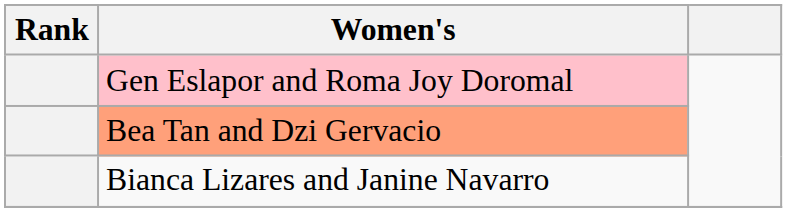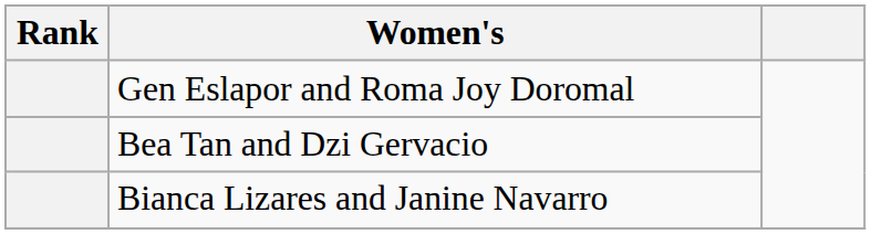 <table class="wikitable" style="text-align: center;">
 <tr>
 <th width=40>Rank</th>
 <th width=290>Women's</th>
 <th width=40></th>
 </tr>
 <tr>
 <th></th>
-<td style="background: pink; text-align:left;">Gen Eslapor and Roma Joy Doromal </td>
+<td style="text-align:left;">Gen Eslapor and Roma Joy Doromal </td>
 <td rowspan=3></td>
 </tr>
 <tr>
 <th></th>
-<td style="background: lightsalmon; text-align:left;">Bea Tan and Dzi Gervacio </td>
+<td style="text-align:left;">Bea Tan and Dzi Gervacio </td>
 </tr>
 <tr>
 <th></th>
 <td style="text-align:left;">Bianca Lizares and Janine Navarro </td>
 </tr>
 <tr>
 </tr>
 </table>
